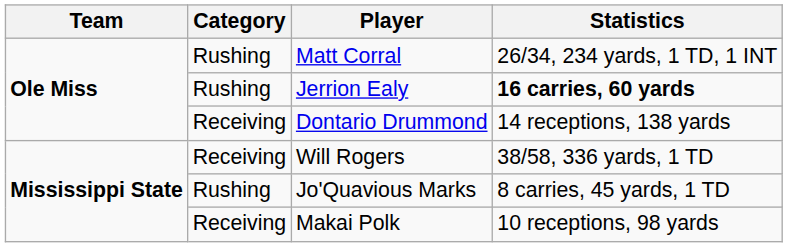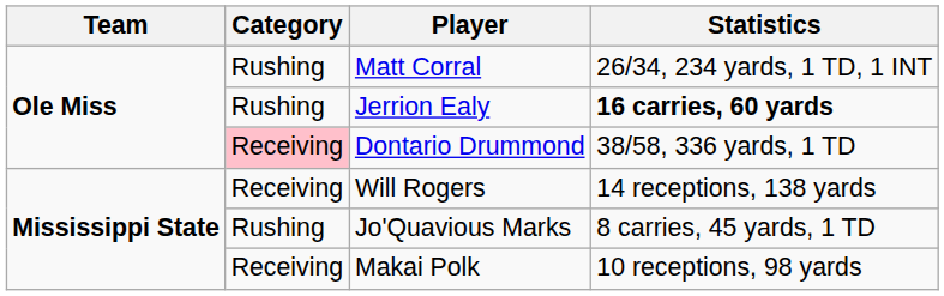 <table class="wikitable" style="float: right;">
 <tr>
 <th>Team</th>
 <th>Category</th>
 <th>Player</th>
 <th>Statistics</th>
 </tr>
 <tr>
 <td rowspan=3><strong>Ole Miss</strong></td>
 <td>Rushing</td>
 <td><a href='#'>Matt Corral</a></td>
 <td>26/34, 234 yards, 1 TD, 1 INT</td>
 </tr>
 <tr>
 <td>Rushing</td>
 <td><a href='#'>Jerrion Ealy</a></td>
 <td><strong>16 carries, 60 yards</strong></td>
 </tr>
 <tr>
-<td>Receiving</td>
+<td style="background: pink;">Receiving</td>
 <td><a href='#'>Dontario Drummond</a></td>
-<td>14 receptions, 138 yards</td>
+<td>38/58, 336 yards, 1 TD</td>
 </tr>
 <tr>
 <td rowspan=3><strong>Mississippi State</strong></td>
 <td>Receiving</td>
 <td>Will Rogers</td>
-<td>38/58, 336 yards, 1 TD</td>
+<td>14 receptions, 138 yards</td>
 </tr>
 <tr>
 <td>Rushing</td>
 <td>Jo'Quavious Marks</td>
 <td>8 carries, 45 yards, 1 TD</td>
 </tr>
 <tr>
 <td>Receiving</td>
 <td>Makai Polk</td>
 <td>10 receptions, 98 yards</td>
 </tr>
 </table>
